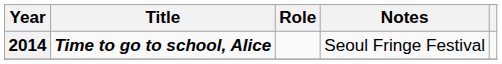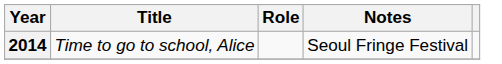 <table class="wikitable sortable plainrowheaders">
 <tr>
 <th scope="col">Year</th>
 <th scope="col">Title</th>
 <th scope="col">Role</th>
 <th scope="col">Notes</th>
 <th scope="col" class="unsortable"></th>
 </tr>
 <tr>
 <th scope="row">2014</th>
-<td><strong><em>Time to go to school, Alice</em></strong></td>
+<td><em>Time to go to school, Alice</em></td>
 <td></td>
 <td>Seoul Fringe Festival</td>
 <td></td>
 </tr>
 <tr>
 </tr>
 </table>
